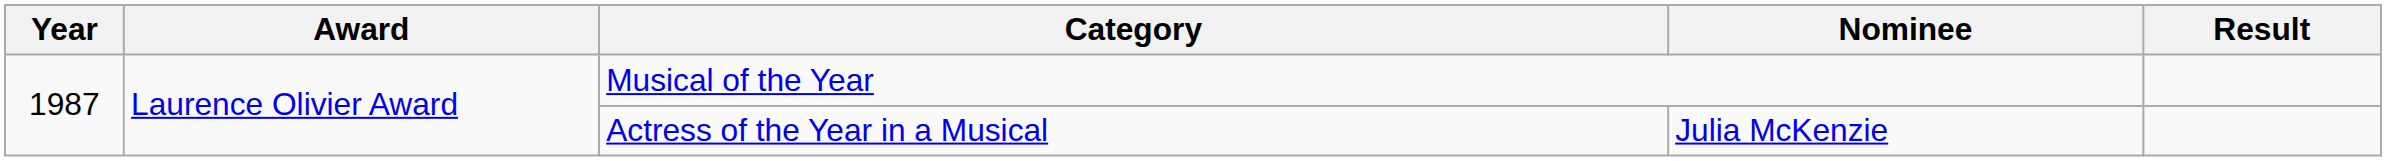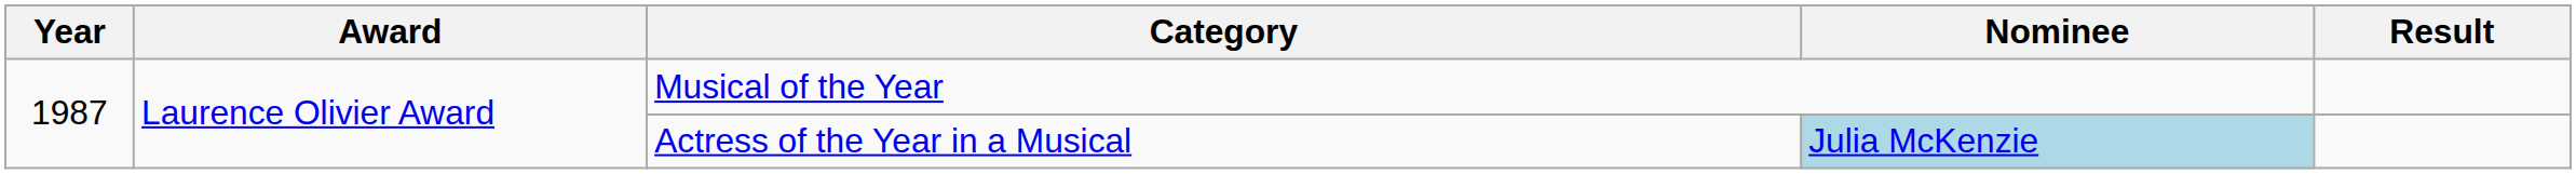 <table class="wikitable" width="95%">
 <tr>
 <th width="5%">Year</th>
 <th width="20%">Award</th>
 <th width="45%">Category</th>
 <th width="20%">Nominee</th>
 <th width="10%">Result</th>
 </tr>
 <tr>
 <td rowspan="2" align="center">1987</td>
 <td rowspan="2"><a href='#'>Laurence Olivier Award</a></td>
 <td colspan="2"><a href='#'>Musical of the Year</a></td>
 <td></td>
 </tr>
 <tr>
 <td><a href='#'>Actress of the Year in a Musical</a></td>
-<td><a href='#'>Julia McKenzie</a></td>
+<td style="background: lightblue;"><a href='#'>Julia McKenzie</a></td>
 <td></td>
 </tr>
 </table>
